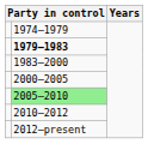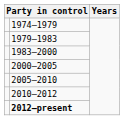 <table class="wikitable">
 <tr>
 <th colspan=2>Party in control</th>
 <th>Years</th>
 </tr>
 <tr>
 <td></td>
 <td>1974–1979</td>
 </tr>
 <tr>
 <td></td>
-<td><strong>1979–1983</strong></td>
+<td>1979–1983</td>
 </tr>
 <tr>
 <td></td>
 <td>1983–2000</td>
 </tr>
 <tr>
 <td></td>
 <td>2000–2005</td>
 </tr>
 <tr>
 <td></td>
-<td style="background: lightgreen;">2005–2010</td>
+<td>2005–2010</td>
 </tr>
 <tr>
 <td></td>
 <td>2010–2012</td>
 </tr>
 <tr>
 <td></td>
-<td>2012–present</td>
+<td><strong>2012–present</strong></td>
 </tr>
 </table>
